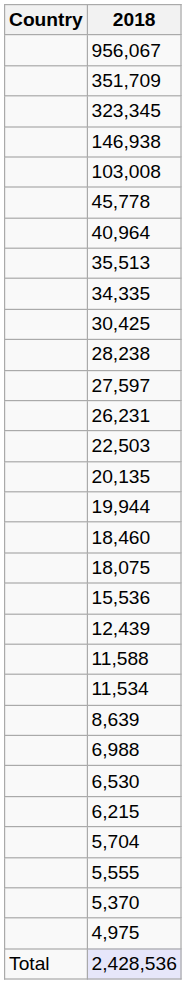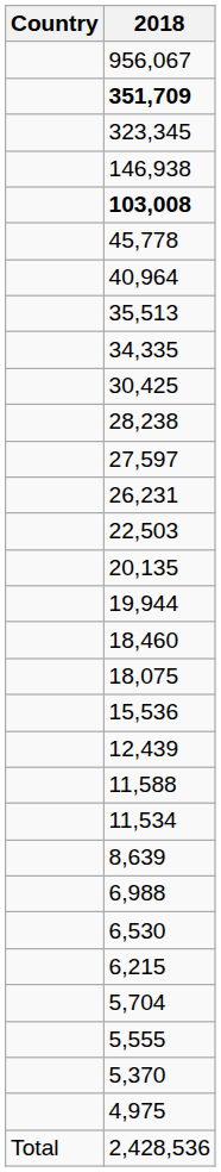 <table class="wikitable sortable collapsible collapsed">
 <tr>
 <th>Country</th>
 <th>2018</th>
 </tr>
 <tr>
 <td></td>
 <td>956,067</td>
 </tr>
 <tr>
 <td></td>
-<td>351,709</td>
+<td><strong>351,709</strong></td>
 </tr>
 <tr>
 <td></td>
 <td>323,345</td>
 </tr>
 <tr>
 <td></td>
 <td>146,938</td>
 </tr>
 <tr>
 <td></td>
-<td>103,008</td>
+<td><strong>103,008</strong></td>
 </tr>
 <tr>
 <td></td>
 <td>45,778</td>
 </tr>
 <tr>
 <td></td>
 <td>40,964</td>
 </tr>
 <tr>
 <td></td>
 <td>35,513</td>
 </tr>
 <tr>
 <td></td>
 <td>34,335</td>
 </tr>
 <tr>
 <td></td>
 <td>30,425</td>
 </tr>
 <tr>
 <td></td>
 <td>28,238</td>
 </tr>
 <tr>
 <td></td>
 <td>27,597</td>
 </tr>
 <tr>
 <td></td>
 <td>26,231</td>
 </tr>
 <tr>
 <td></td>
 <td>22,503</td>
 </tr>
 <tr>
 <td></td>
 <td>20,135</td>
 </tr>
 <tr>
 <td></td>
 <td>19,944</td>
 </tr>
 <tr>
 <td></td>
 <td>18,460</td>
 </tr>
 <tr>
 <td></td>
 <td>18,075</td>
 </tr>
 <tr>
 <td></td>
 <td>15,536</td>
 </tr>
 <tr>
 <td></td>
 <td>12,439</td>
 </tr>
 <tr>
 <td></td>
 <td>11,588</td>
 </tr>
 <tr>
 <td></td>
 <td>11,534</td>
 </tr>
 <tr>
 <td></td>
 <td>8,639</td>
 </tr>
 <tr>
 <td></td>
 <td>6,988</td>
 </tr>
 <tr>
 <td></td>
 <td>6,530</td>
 </tr>
 <tr>
 <td></td>
 <td>6,215</td>
 </tr>
 <tr>
 <td></td>
 <td>5,704</td>
 </tr>
 <tr>
 <td></td>
 <td>5,555</td>
 </tr>
 <tr>
 <td></td>
 <td>5,370</td>
 </tr>
 <tr>
 <td></td>
 <td>4,975</td>
 </tr>
 <tr>
 <td>Total</td>
-<td style="background: lavender;">2,428,536</td>
+<td>2,428,536</td>
 </tr>
 </table>
